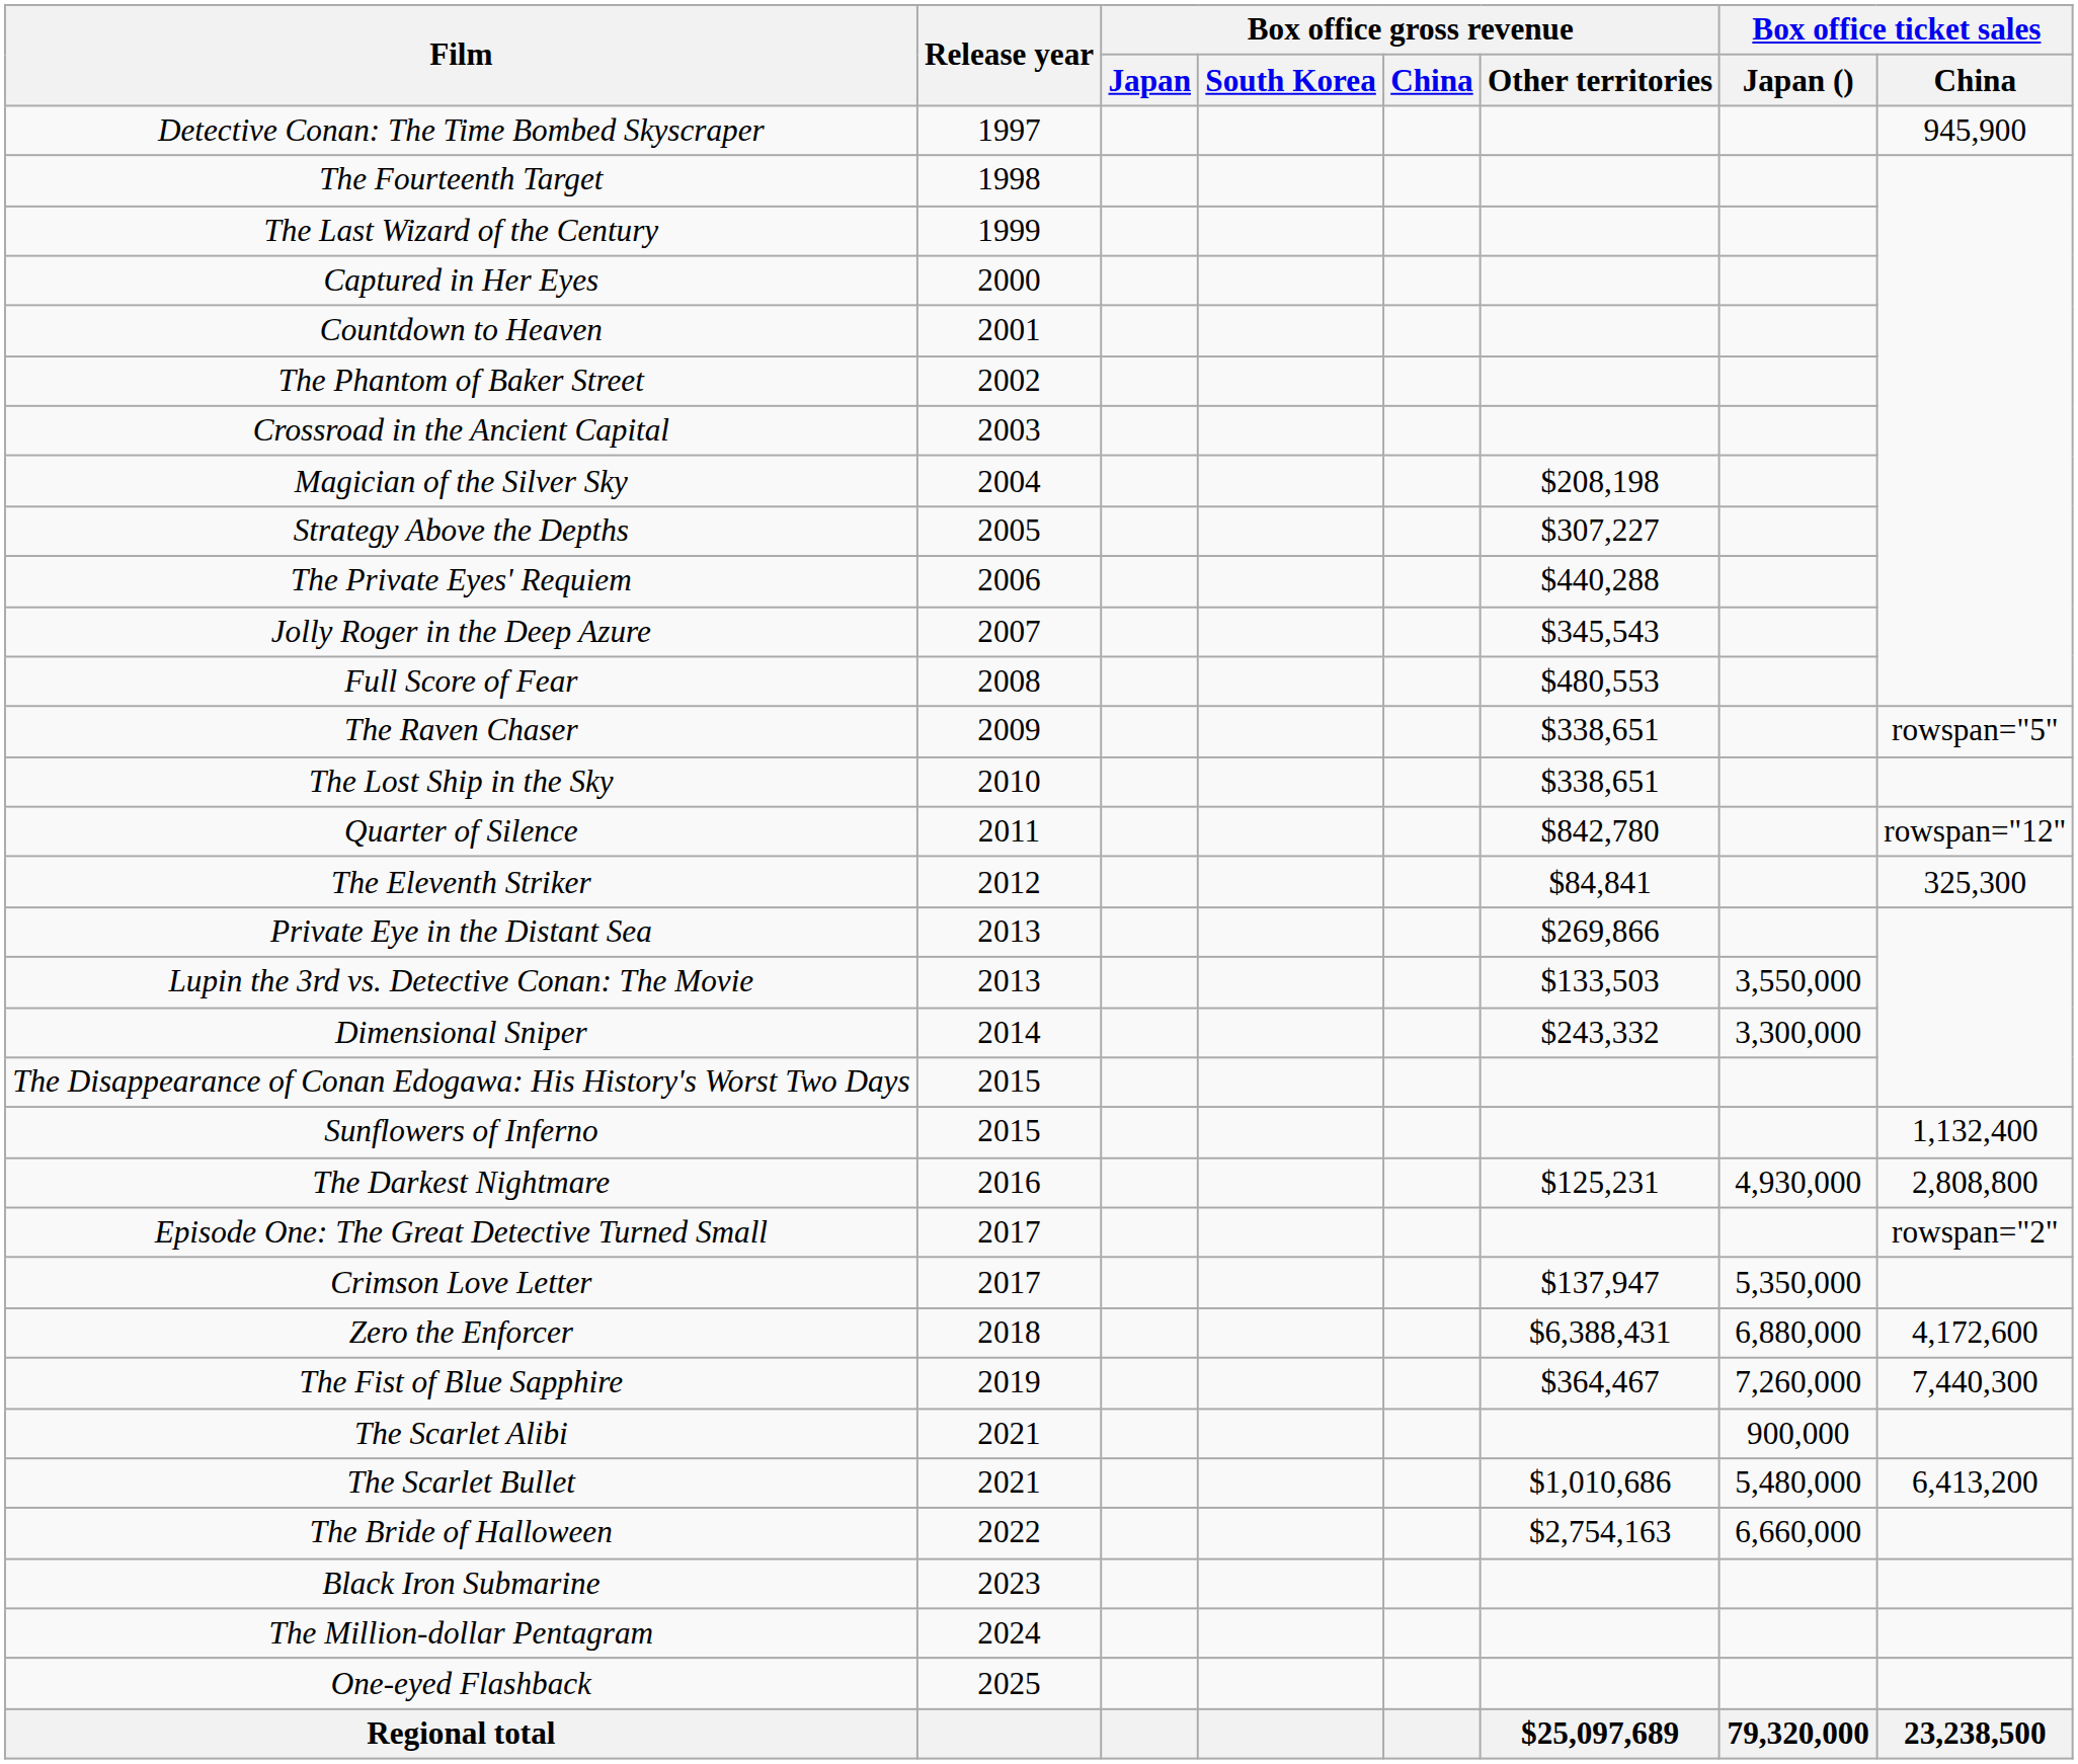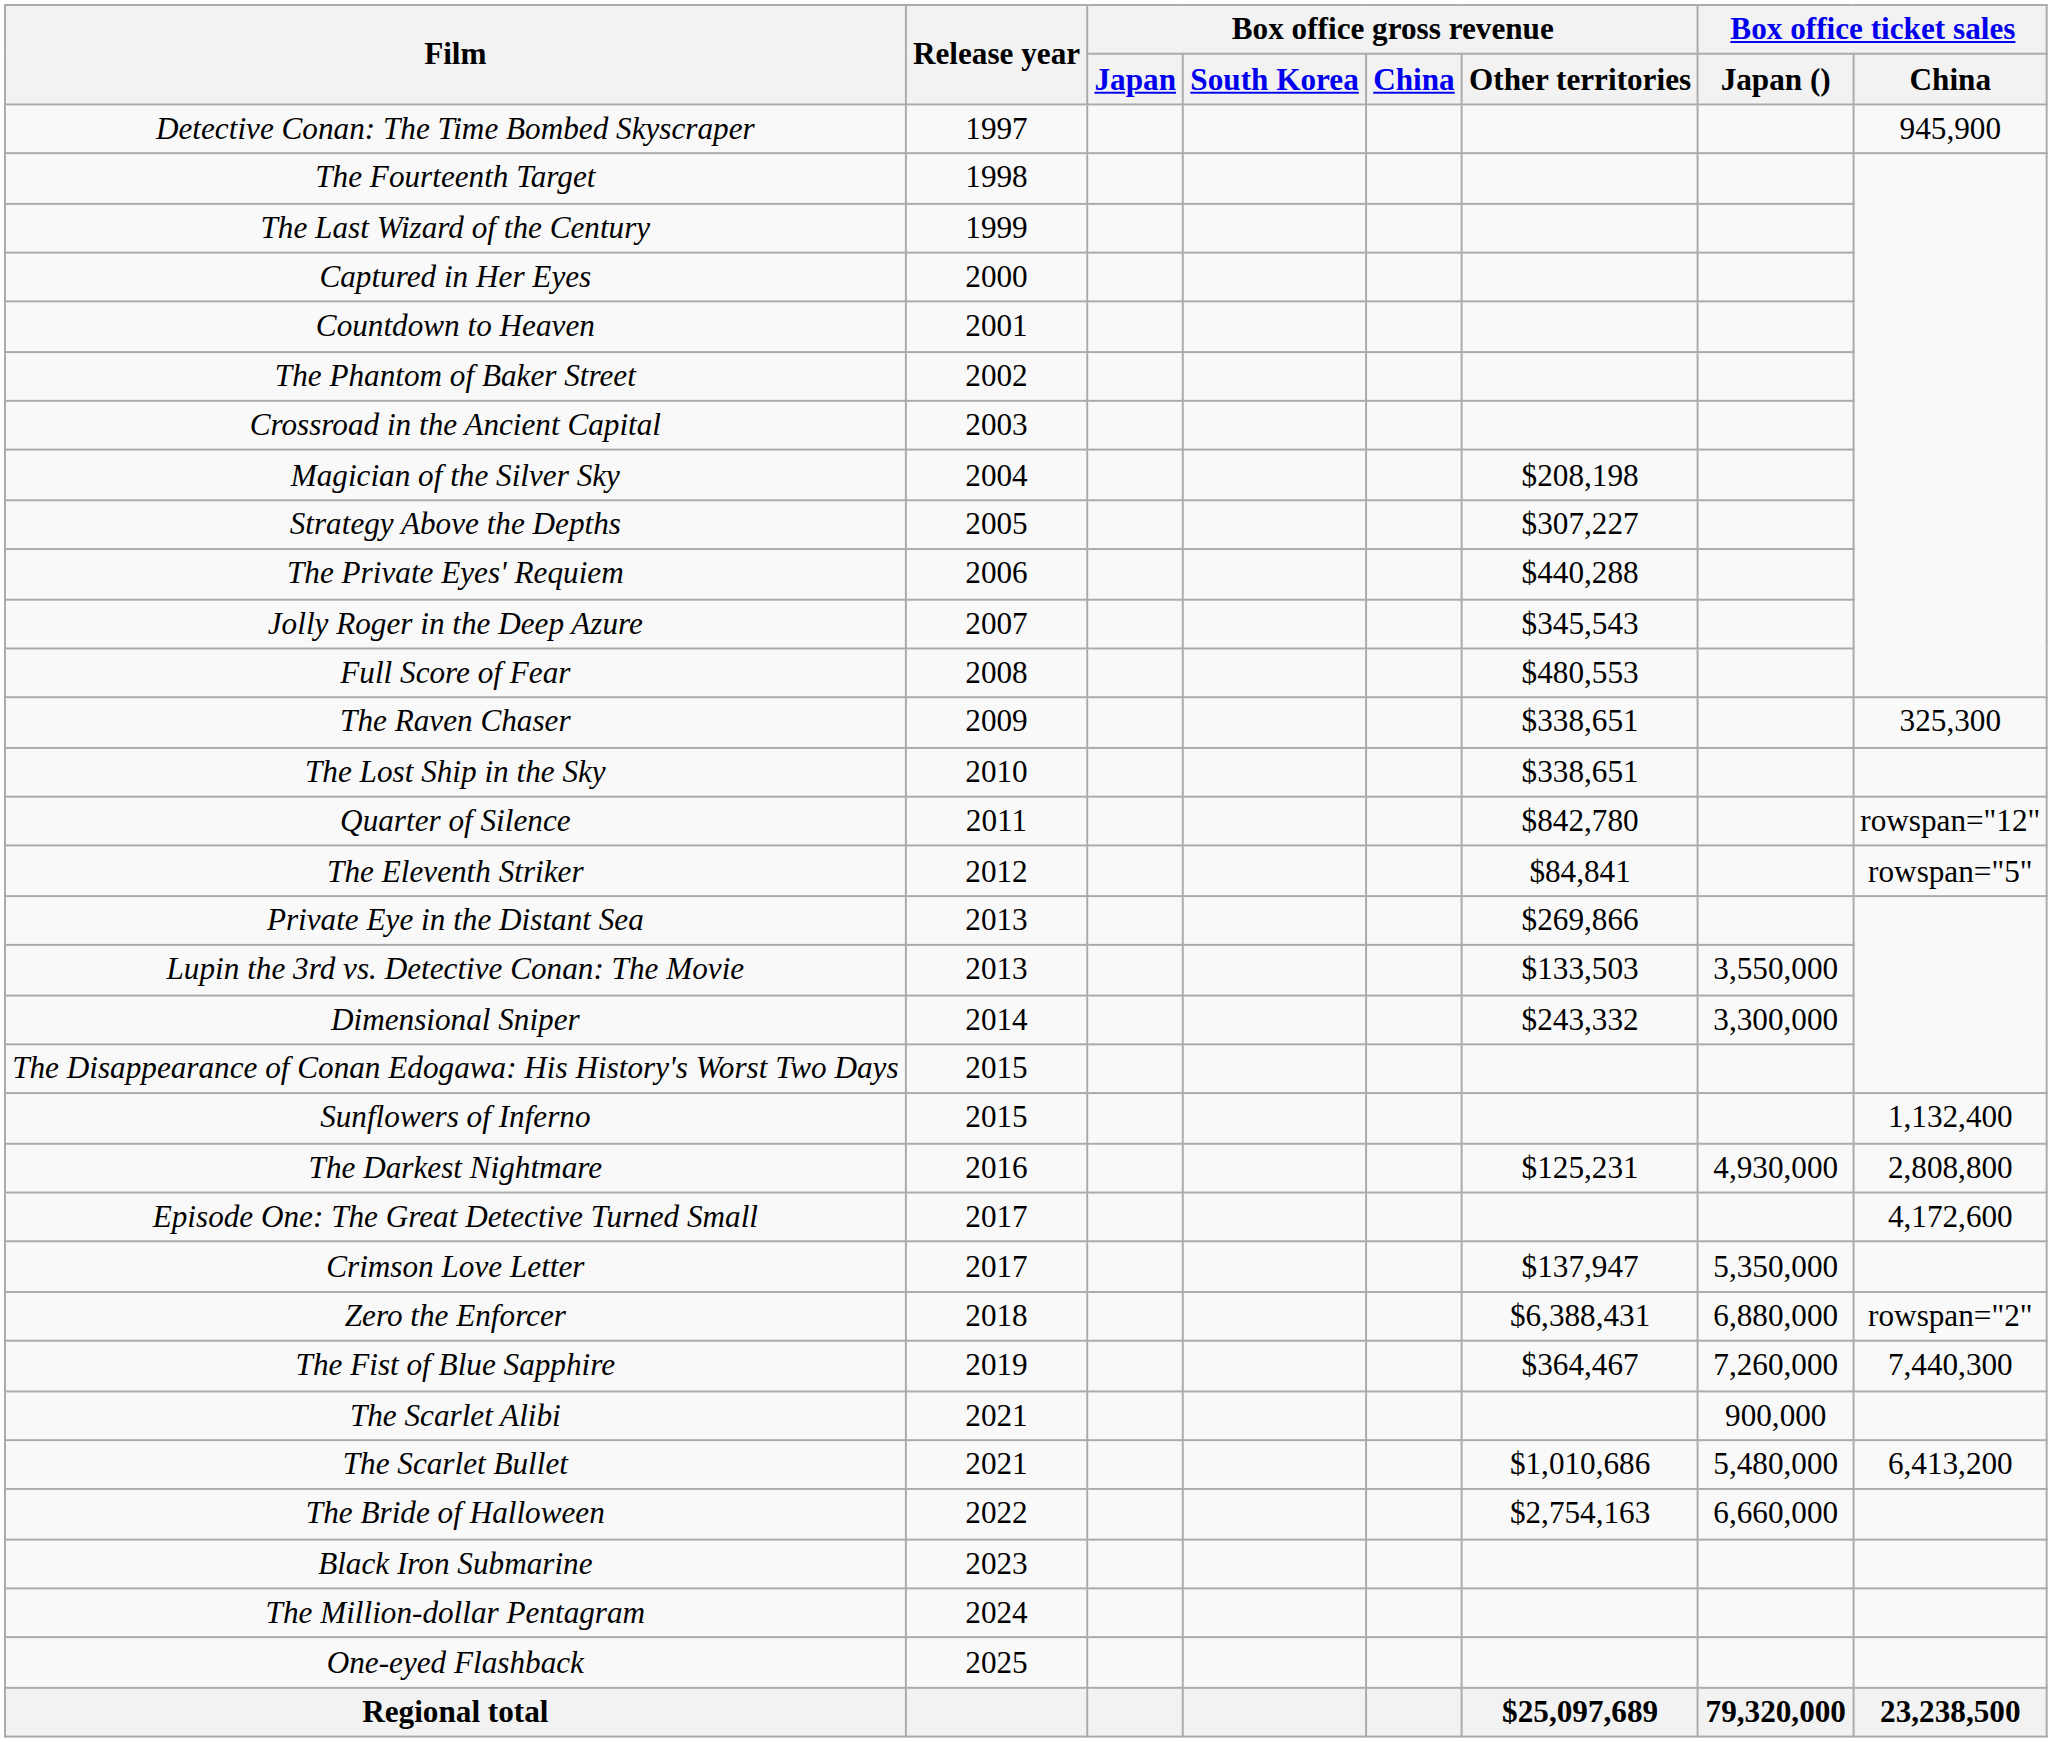 <table class="wikitable sortable plainrowheaders" style="text-align:center">
 <tr>
 <th scope="col" rowspan="2">Film</th>
 <th scope="col" rowspan="2">Release year</th>
 <th scope="col" colspan="4">Box office gross revenue</th>
 <th colspan="2" scope="col"><a href='#'>Box office ticket sales</a></th>
 </tr>
 <tr>
 <th scope="col"><a href='#'>Japan</a></th>
 <th scope="col"><a href='#'>South Korea</a></th>
 <th scope="col"><a href='#'>China</a></th>
 <th scope="col">Other territories</th>
 <th scope="col">Japan ()</th>
 <th>China</th>
 </tr>
 <tr>
 <td><em>Detective Conan: The Time Bombed Skyscraper</em></td>
 <td>1997</td>
 <td></td>
 <td></td>
 <td></td>
 <td></td>
 <td></td>
 <td>945,900</td>
 </tr>
 <tr>
 <td><em>The Fourteenth Target</em></td>
 <td>1998</td>
 <td></td>
 <td></td>
 <td></td>
 <td></td>
 <td></td>
 </tr>
 <tr>
 <td><em>The Last Wizard of the Century</em></td>
 <td>1999</td>
 <td></td>
 <td></td>
 <td></td>
 <td></td>
 <td></td>
 </tr>
 <tr>
 <td><em>Captured in Her Eyes</em></td>
 <td>2000</td>
 <td></td>
 <td></td>
 <td></td>
 <td></td>
 <td></td>
 </tr>
 <tr>
 <td><em>Countdown to Heaven</em></td>
 <td>2001</td>
 <td></td>
 <td></td>
 <td></td>
 <td></td>
 <td></td>
 </tr>
 <tr>
 <td><em>The Phantom of Baker Street</em></td>
 <td>2002</td>
 <td></td>
 <td></td>
 <td></td>
 <td></td>
 <td></td>
 </tr>
 <tr>
 <td><em>Crossroad in the Ancient Capital</em></td>
 <td>2003</td>
 <td></td>
 <td></td>
 <td></td>
 <td></td>
 <td></td>
 </tr>
 <tr>
 <td><em>Magician of the Silver Sky</em></td>
 <td>2004</td>
 <td></td>
 <td></td>
 <td></td>
 <td>$208,198</td>
 <td></td>
 </tr>
 <tr>
 <td><em>Strategy Above the Depths</em></td>
 <td>2005</td>
 <td></td>
 <td></td>
 <td></td>
 <td>$307,227</td>
 <td></td>
 </tr>
 <tr>
 <td><em>The Private Eyes' Requiem</em></td>
 <td>2006</td>
 <td></td>
 <td></td>
 <td></td>
 <td>$440,288</td>
 <td></td>
 </tr>
 <tr>
 <td><em>Jolly Roger in the Deep Azure</em></td>
 <td>2007</td>
 <td></td>
 <td></td>
 <td></td>
 <td>$345,543</td>
 <td></td>
 </tr>
 <tr>
 <td><em>Full Score of Fear</em></td>
 <td>2008</td>
 <td></td>
 <td></td>
 <td></td>
 <td>$480,553</td>
 <td></td>
 </tr>
 <tr>
 <td><em>The Raven Chaser</em></td>
 <td>2009</td>
 <td></td>
 <td></td>
 <td></td>
 <td>$338,651</td>
 <td></td>
-<td>rowspan="5" </td>
+<td>325,300</td>
 </tr>
 <tr>
 <td><em>The Lost Ship in the Sky</em></td>
 <td>2010</td>
 <td></td>
 <td></td>
 <td></td>
 <td>$338,651</td>
 <td></td>
 <td></td>
 </tr>
 <tr>
 <td><em>Quarter of Silence</em></td>
 <td>2011</td>
 <td></td>
 <td></td>
 <td></td>
 <td>$842,780</td>
 <td></td>
 <td>rowspan="12" </td>
 </tr>
 <tr>
 <td><em>The Eleventh Striker</em></td>
 <td>2012</td>
 <td></td>
 <td></td>
 <td></td>
 <td>$84,841</td>
 <td></td>
-<td>325,300</td>
+<td>rowspan="5" </td>
 </tr>
 <tr>
 <td><em>Private Eye in the Distant Sea</em></td>
 <td>2013</td>
 <td></td>
 <td></td>
 <td></td>
 <td>$269,866</td>
 <td></td>
 </tr>
 <tr>
 <td><em>Lupin the 3rd vs. Detective Conan: The Movie</em></td>
 <td>2013</td>
 <td></td>
 <td></td>
 <td></td>
 <td>$133,503</td>
 <td>3,550,000</td>
 </tr>
 <tr>
 <td><em>Dimensional Sniper</em></td>
 <td>2014</td>
 <td></td>
 <td></td>
 <td></td>
 <td>$243,332</td>
 <td>3,300,000</td>
 </tr>
 <tr>
 <td><em>The Disappearance of Conan Edogawa: His History's Worst Two Days</em></td>
 <td>2015</td>
 <td></td>
 <td></td>
 <td></td>
 <td></td>
 <td></td>
 </tr>
 <tr>
 <td><em>Sunflowers of Inferno</em></td>
 <td>2015</td>
 <td></td>
 <td></td>
 <td></td>
 <td></td>
 <td></td>
 <td>1,132,400</td>
 </tr>
 <tr>
 <td><em>The Darkest Nightmare</em></td>
 <td>2016</td>
 <td></td>
 <td></td>
 <td></td>
 <td>$125,231</td>
 <td>4,930,000</td>
 <td>2,808,800</td>
 </tr>
 <tr>
 <td><em>Episode One: The Great Detective Turned Small</em></td>
 <td>2017</td>
 <td></td>
 <td></td>
 <td></td>
 <td></td>
 <td></td>
-<td>rowspan="2" </td>
+<td>4,172,600</td>
 </tr>
 <tr>
 <td><em>Crimson Love Letter</em></td>
 <td>2017</td>
 <td></td>
 <td></td>
 <td></td>
 <td>$137,947</td>
 <td>5,350,000</td>
 </tr>
 <tr>
 <td><em>Zero the Enforcer</em></td>
 <td>2018</td>
 <td></td>
 <td></td>
 <td></td>
 <td>$6,388,431</td>
 <td>6,880,000</td>
-<td>4,172,600</td>
+<td>rowspan="2" </td>
 </tr>
 <tr>
 <td><em>The Fist of Blue Sapphire</em></td>
 <td>2019</td>
 <td></td>
 <td></td>
 <td></td>
 <td>$364,467</td>
 <td>7,260,000</td>
 <td>7,440,300</td>
 </tr>
 <tr>
 <td><em>The Scarlet Alibi</em></td>
 <td>2021</td>
 <td></td>
 <td></td>
 <td></td>
 <td></td>
 <td>900,000</td>
 <td></td>
 </tr>
 <tr>
 <td><em>The Scarlet Bullet</em></td>
 <td>2021</td>
 <td></td>
 <td></td>
 <td></td>
 <td>$1,010,686</td>
 <td>5,480,000</td>
 <td>6,413,200</td>
 </tr>
 <tr>
 <td><em>The Bride of Halloween</em></td>
 <td>2022</td>
 <td></td>
 <td></td>
 <td></td>
 <td>$2,754,163</td>
 <td>6,660,000</td>
 <td></td>
 </tr>
 <tr>
 <td><em>Black Iron Submarine</em></td>
 <td>2023</td>
 <td></td>
 <td></td>
 <td></td>
 <td></td>
 <td></td>
 <td></td>
 </tr>
 <tr>
 <td><em>The Million-dollar Pentagram</em></td>
 <td>2024</td>
 <td></td>
 <td></td>
 <td></td>
 <td></td>
 <td></td>
 <td></td>
 </tr>
 <tr>
 <td><em>One-eyed Flashback</em></td>
 <td>2025</td>
 <td></td>
 <td></td>
 <td></td>
 <td></td>
 <td></td>
 <td></td>
 </tr>
 <tr>
 <th>Regional total</th>
 <th></th>
 <th></th>
 <th></th>
 <th></th>
 <th>$25,097,689</th>
 <th>79,320,000</th>
 <th>23,238,500</th>
 </tr>
 </table>
